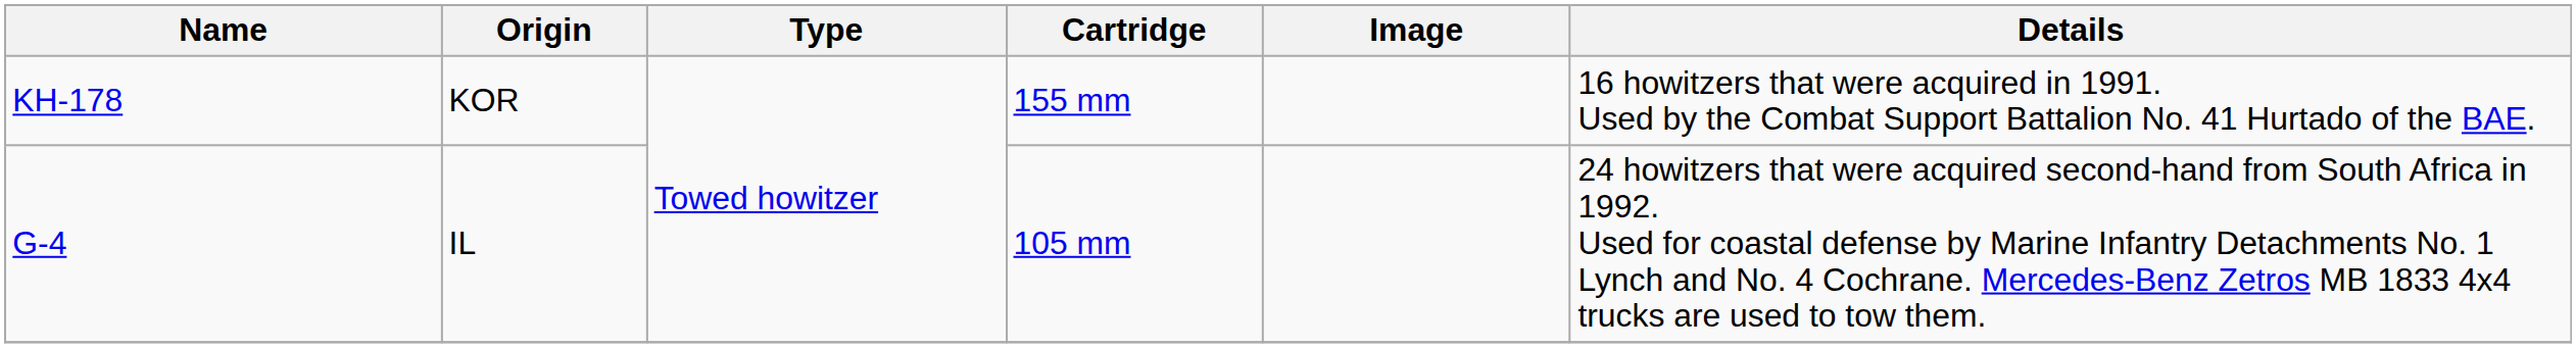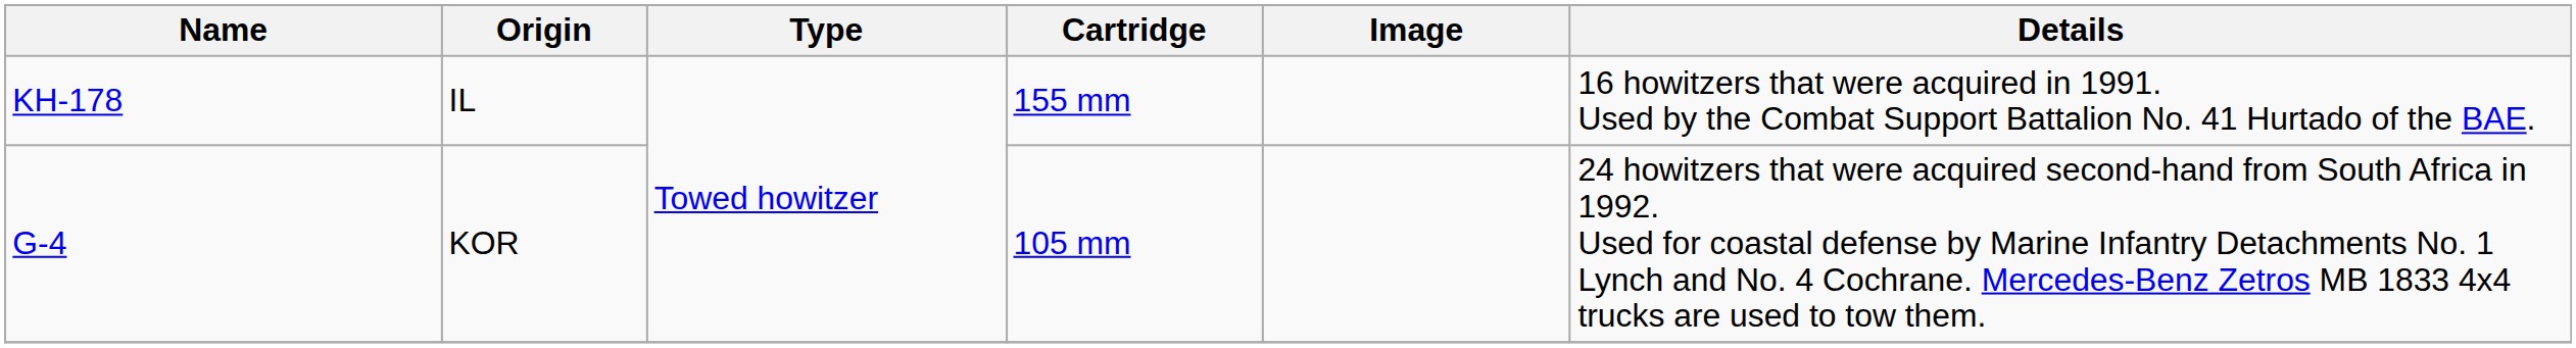 <table class="wikitable" border="0" style="width:100%">
 <tr>
 <th style="text-align: center; width:17%;">Name</th>
 <th style="text-align: center; width:8%;">Origin</th>
 <th style="text-align: center; width:14%;">Type</th>
 <th style="text-align: center; width:10%;">Cartridge</th>
 <th style="text-align: center; width:12%;">Image</th>
 <th style="text-align: center; width:44%;">Details</th>
 </tr>
 <tr>
 <td><a href='#'>KH-178</a></td>
-<td> KOR</td>
+<td> IL</td>
 <td rowspan="2"><a href='#'>Towed howitzer</a></td>
 <td><a href='#'>155 mm</a></td>
 <td></td>
 <td>16 howitzers that were acquired in 1991.<br>Used by the Combat Support Battalion No. 41 Hurtado of the <a href='#'>BAE</a>.</td>
 </tr>
 <tr>
 <td><a href='#'>G-4</a></td>
-<td> IL</td>
+<td> KOR</td>
 <td><a href='#'>105 mm</a></td>
 <td></td>
 <td>24 howitzers that were acquired second-hand from South Africa in 1992.<br>Used for coastal defense by Marine Infantry Detachments No. 1 Lynch and No. 4 Cochrane. <a href='#'>Mercedes-Benz Zetros</a> MB 1833 4x4 trucks are used to tow them.</td>
 </tr>
 <tr>
 </tr>
 </table>
